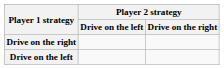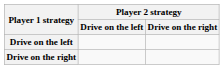 <table class="wikitable floatright" style="text-align:center; font-size:95%; margin-left:1em;">
 <tr>
 <th scope="col" rowspan="2">Player 1 strategy</th>
 <th scope="col" colspan="4">Player 2 strategy</th>
 </tr>
 <tr>
 <th scope="col">Drive on the left</th>
 <th scope="col">Drive on the right</th>
 </tr>
 <tr>
+<th scope="row">Drive on the left</th>
+<td></td>
+<td></td>
+</tr>
+<tr>
 <th scope="row">Drive on the right</th>
 <td></td>
 <td></td>
 </tr>
-<tr>
-<th scope="row">Drive on the left</th>
-<td></td>
-<td></td>
-</tr>
 </table>
